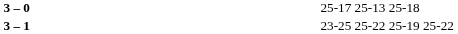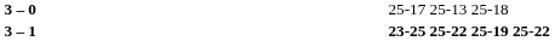 <table width=100% cellspacing=1>
 <tr>
 <th width=20%></th>
 <th width=12%></th>
 <th width=20%></th>
 <th width=33%></th>
 <td></td>
 </tr>
 <tr style=font-size:90%>
 <td align=right><strong></strong></td>
 <td align=center><strong>3 – 0</strong></td>
 <td></td>
 <td>25-17 25-13 25-18</td>
 <td></td>
 </tr>
 <tr style=font-size:90%>
 <td align=right><strong></strong></td>
 <td align=center><strong>3 – 1</strong></td>
 <td></td>
-<td>23-25 25-22 25-19 25-22</td>
+<td><strong>23-25 25-22 25-19 25-22</strong></td>
 </tr>
 </table>
